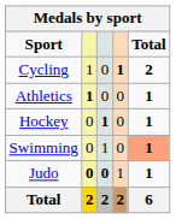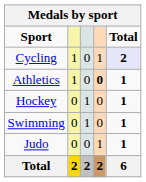 <table class="wikitable" align=left style="font-size:85%">
 <tr style="background:#efefef;">
 <th colspan=7>Medals by sport</th>
 </tr>
 <tr align=center>
 <td><strong>Sport</strong></td>
 <td bgcolor=#f7f6a8></td>
 <td bgcolor=#dce5e5></td>
 <td bgcolor=#ffdab9></td>
 <td><strong>Total</strong></td>
 </tr>
 <tr align=center>
 <td><a href='#'>Cycling</a></td>
 <td style="background:#F7F6A8;">1</td>
 <td style="background:#DCE5E5;">0</td>
-<td style="background:#FFDAB9;"><strong>1</strong></td>
-<td><strong>2</strong></td>
+<td style="background:#FFDAB9;">1</td>
+<td style="background: lavender;"><strong>2</strong></td>
 </tr>
 <tr align=center>
 <td><a href='#'>Athletics</a></td>
-<td style="background:#F7F6A8;"><strong>1</strong></td>
+<td style="background:#F7F6A8;">1</td>
 <td style="background:#DCE5E5;">0</td>
-<td style="background:#FFDAB9;">0</td>
+<td style="background:#FFDAB9;"><strong>0</strong></td>
 <td><strong>1</strong></td>
 </tr>
 <tr align=center>
 <td><a href='#'>Hockey</a></td>
 <td style="background:#F7F6A8;">0</td>
-<td style="background:#DCE5E5;"><strong>1</strong></td>
+<td style="background:#DCE5E5;">1</td>
 <td style="background:#FFDAB9;">0</td>
 <td><strong>1</strong></td>
 </tr>
 <tr align=center>
 <td><a href='#'>Swimming</a></td>
 <td style="background:#F7F6A8;">0</td>
 <td style="background:#DCE5E5;">1</td>
 <td style="background:#FFDAB9;">0</td>
-<td style="background: lightsalmon;"><strong>1</strong></td>
+<td><strong>1</strong></td>
 </tr>
 <tr align=center>
 <td><a href='#'>Judo</a></td>
-<td style="background:#F7F6A8;"><strong>0</strong></td>
-<td style="background:#DCE5E5;"><strong>0</strong></td>
+<td style="background:#F7F6A8;">0</td>
+<td style="background:#DCE5E5;">0</td>
 <td style="background:#FFDAB9;">1</td>
 <td><strong>1</strong></td>
 </tr>
 <tr align=center>
 <th>Total</th>
 <th style="background:gold;">2</th>
 <th style="background:silver;">2</th>
 <th style="background:#c96;">2</th>
 <th>6</th>
 </tr>
 </table>
